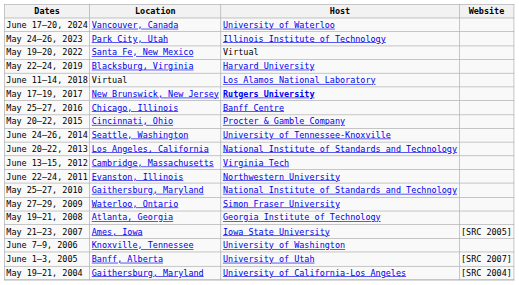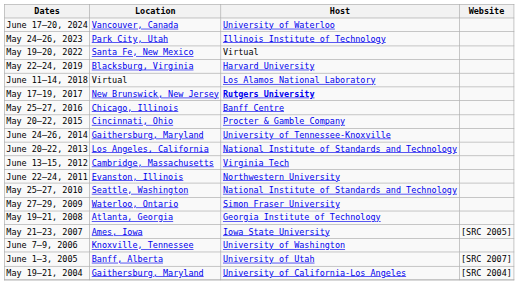 <table class="wikitable">
 <tr>
 <th>Dates</th>
 <th>Location</th>
 <th>Host</th>
 <th>Website</th>
 </tr>
 <tr>
 <td>June 17–20, 2024</td>
 <td><a href='#'>Vancouver, Canada</a></td>
 <td><a href='#'>University of Waterloo</a></td>
 <td></td>
 </tr>
 <tr>
 <td>May 24–26, 2023</td>
 <td><a href='#'>Park City, Utah</a></td>
 <td><a href='#'>Illinois Institute of Technology</a></td>
 <td></td>
 </tr>
 <tr>
 <td>May 19–20, 2022</td>
 <td><a href='#'>Santa Fe, New Mexico</a></td>
 <td>Virtual</td>
 <td></td>
 </tr>
 <tr>
 <td>May 22–24, 2019</td>
 <td><a href='#'>Blacksburg, Virginia</a></td>
 <td><a href='#'>Harvard University</a></td>
 <td></td>
 </tr>
 <tr>
 <td>June 11–14, 2018</td>
 <td>Virtual</td>
 <td><a href='#'>Los Alamos National Laboratory</a></td>
 <td></td>
 </tr>
 <tr>
 <td>May 17–19, 2017</td>
 <td><a href='#'>New Brunswick, New Jersey</a></td>
 <td><strong><a href='#'>Rutgers University</a></strong></td>
 <td></td>
 </tr>
 <tr>
 <td>May 25–27, 2016</td>
 <td><a href='#'>Chicago, Illinois</a></td>
 <td><a href='#'>Banff Centre</a></td>
 <td></td>
 </tr>
 <tr>
 <td>May 20–22, 2015</td>
 <td><a href='#'>Cincinnati, Ohio</a></td>
 <td><a href='#'>Procter & Gamble Company</a></td>
 <td></td>
 </tr>
 <tr>
 <td>June 24–26, 2014</td>
-<td><a href='#'>Seattle, Washington</a></td>
+<td><a href='#'>Gaithersburg, Maryland</a></td>
 <td><a href='#'>University of Tennessee-Knoxville</a></td>
 <td></td>
 </tr>
 <tr>
 <td>June 20–22, 2013</td>
 <td><a href='#'>Los Angeles, California</a></td>
 <td><a href='#'>National Institute of Standards and Technology</a></td>
 <td></td>
 </tr>
 <tr>
 <td>June 13–15, 2012</td>
 <td><a href='#'>Cambridge, Massachusetts</a></td>
 <td><a href='#'>Virginia Tech</a></td>
 <td></td>
 </tr>
 <tr>
 <td>June 22–24, 2011</td>
 <td><a href='#'>Evanston, Illinois</a></td>
 <td><a href='#'>Northwestern University</a></td>
 <td></td>
 </tr>
 <tr>
 <td>May 25–27, 2010</td>
-<td><a href='#'>Gaithersburg, Maryland</a></td>
+<td><a href='#'>Seattle, Washington</a></td>
 <td><a href='#'>National Institute of Standards and Technology</a></td>
 <td></td>
 </tr>
 <tr>
 <td>May 27–29, 2009</td>
 <td><a href='#'>Waterloo, Ontario</a></td>
 <td><a href='#'>Simon Fraser University</a></td>
 <td></td>
 </tr>
 <tr>
 <td>May 19–21, 2008</td>
 <td><a href='#'>Atlanta, Georgia</a></td>
 <td><a href='#'>Georgia Institute of Technology</a></td>
 <td></td>
 </tr>
 <tr>
 <td>May 21–23, 2007</td>
 <td><a href='#'>Ames, Iowa</a></td>
 <td><a href='#'>Iowa State University</a></td>
 <td>[SRC 2005]</td>
 </tr>
 <tr>
 <td>June 7–9, 2006</td>
 <td><a href='#'>Knoxville, Tennessee</a></td>
 <td><a href='#'>University of Washington</a></td>
 <td></td>
 </tr>
 <tr>
 <td>June 1–3, 2005</td>
 <td><a href='#'>Banff, Alberta</a></td>
 <td><a href='#'>University of Utah</a></td>
 <td>[SRC 2007]</td>
 </tr>
 <tr>
 <td>May 19–21, 2004</td>
 <td><a href='#'>Gaithersburg, Maryland</a></td>
 <td><a href='#'>University of California-Los Angeles</a></td>
 <td>[SRC 2004]</td>
 </tr>
 <tr>
 </tr>
 </table>
